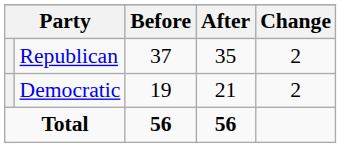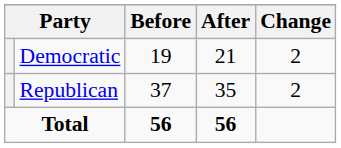 <table class="wikitable" style="text-align:center;">
 <tr>
 </tr>
 <tr>
 <th colspan=2>Party</th>
 <th>Before</th>
 <th>After</th>
 <th>Change</th>
 </tr>
 <tr>
 <th style="background-color:"></th>
-<td style="text-align:left;"><a href='#'>Republican</a></td>
-<td>37</td>
-<td>35</td>
+<td style="text-align:left;"><a href='#'>Democratic</a></td>
+<td>19</td>
+<td>21</td>
 <td> 2</td>
 </tr>
 <tr>
 <th style="background-color:"></th>
-<td style="text-align:left;"><a href='#'>Democratic</a></td>
-<td>19</td>
-<td>21</td>
+<td style="text-align:left;"><a href='#'>Republican</a></td>
+<td>37</td>
+<td>35</td>
 <td> 2</td>
 </tr>
 <tr>
 <td colspan=2><strong>Total</strong></td>
 <td><strong>56</strong></td>
 <td><strong>56</strong></td>
 <td></td>
 </tr>
 </table>
